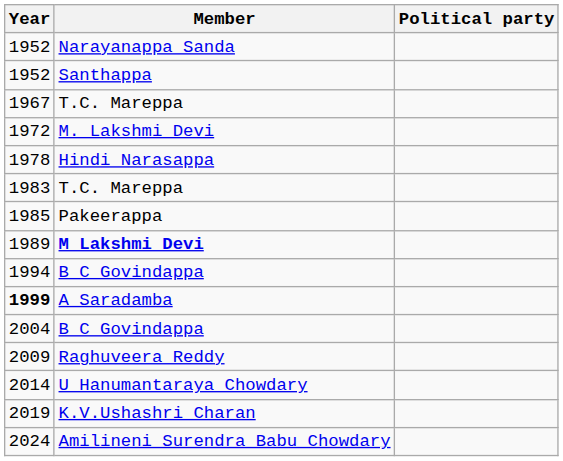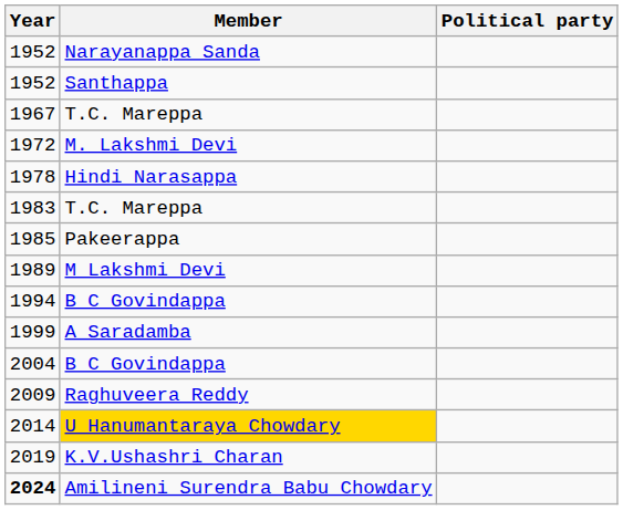 <table class="wikitable sortable">
 <tr>
 <th>Year</th>
 <th>Member</th>
 <th colspan="2">Political party</th>
 </tr>
 <tr>
 <td>1952</td>
 <td><a href='#'>Narayanappa Sanda</a></td>
 <td></td>
 </tr>
 <tr>
 <td>1952</td>
 <td><a href='#'>Santhappa</a></td>
 <td></td>
 </tr>
 <tr>
 <td>1967</td>
 <td>T.C. Mareppa</td>
 <td></td>
 </tr>
 <tr>
 <td>1972</td>
 <td><a href='#'>M. Lakshmi Devi</a></td>
 <td></td>
 </tr>
 <tr>
 <td>1978</td>
 <td><a href='#'>Hindi Narasappa</a></td>
 <td></td>
 </tr>
 <tr>
 <td>1983</td>
 <td>T.C. Mareppa</td>
 <td></td>
 </tr>
 <tr>
 <td>1985</td>
 <td>Pakeerappa</td>
 <td></td>
 </tr>
 <tr>
 <td>1989</td>
-<td><strong><a href='#'>M Lakshmi Devi</a></strong></td>
+<td><a href='#'>M Lakshmi Devi</a></td>
 <td></td>
 </tr>
 <tr>
 <td>1994</td>
 <td><a href='#'>B C Govindappa</a></td>
 <td></td>
 </tr>
 <tr>
-<td><strong>1999</strong></td>
+<td>1999</td>
 <td><a href='#'>A Saradamba</a></td>
 <td></td>
 </tr>
 <tr>
 <td>2004</td>
 <td><a href='#'>B C Govindappa</a></td>
 <td></td>
 </tr>
 <tr>
 <td>2009</td>
 <td><a href='#'>Raghuveera Reddy</a></td>
 <td></td>
 </tr>
 <tr>
 <td>2014</td>
-<td><a href='#'>U Hanumantaraya Chowdary</a></td>
+<td style="background: gold;"><a href='#'>U Hanumantaraya Chowdary</a></td>
 <td></td>
 </tr>
 <tr>
 <td>2019</td>
 <td><a href='#'>K.V.Ushashri Charan</a></td>
 <td></td>
 </tr>
 <tr>
-<td>2024</td>
+<td><strong>2024</strong></td>
 <td><a href='#'>Amilineni Surendra Babu Chowdary</a></td>
 <td></td>
 </tr>
 </table>
